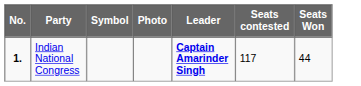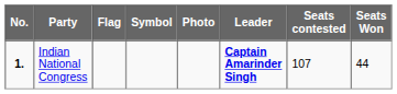 <table class="sortable" width="40%" border="2" cellpadding="6" cellspacing="0" style="margin: 1em 1em 1em 0; background: #f9f9f9; border: 1px #aaa solid">
 <tr>
 <th style="background-color:#666666; color:white">No.</th>
 <th style="background-color:#666666; color:white">Party</th>
+<th style="background-color:#666666; color:white">Flag</th>
 <th style="background-color:#666666; color:white">Symbol</th>
 <th style="background-color:#666666; color:white">Photo</th>
 <th style="background-color:#666666; color:white">Leader</th>
 <th style="background-color:#666666; color:white">Seats contested</th>
 <th style="background-color:#666666; color:white">Seats Won</th>
 </tr>
 <tr>
 <td style="text-align:center; background:"><strong>1.</strong></td>
 <td><a href='#'>Indian National Congress</a></td>
 <td></td>
 <td></td>
+<td></td>
 <td><strong><a href='#'>Captain Amarinder Singh</a></strong></td>
-<td>117</td>
+<td>107</td>
 <td>44</td>
 </tr>
 </table>
